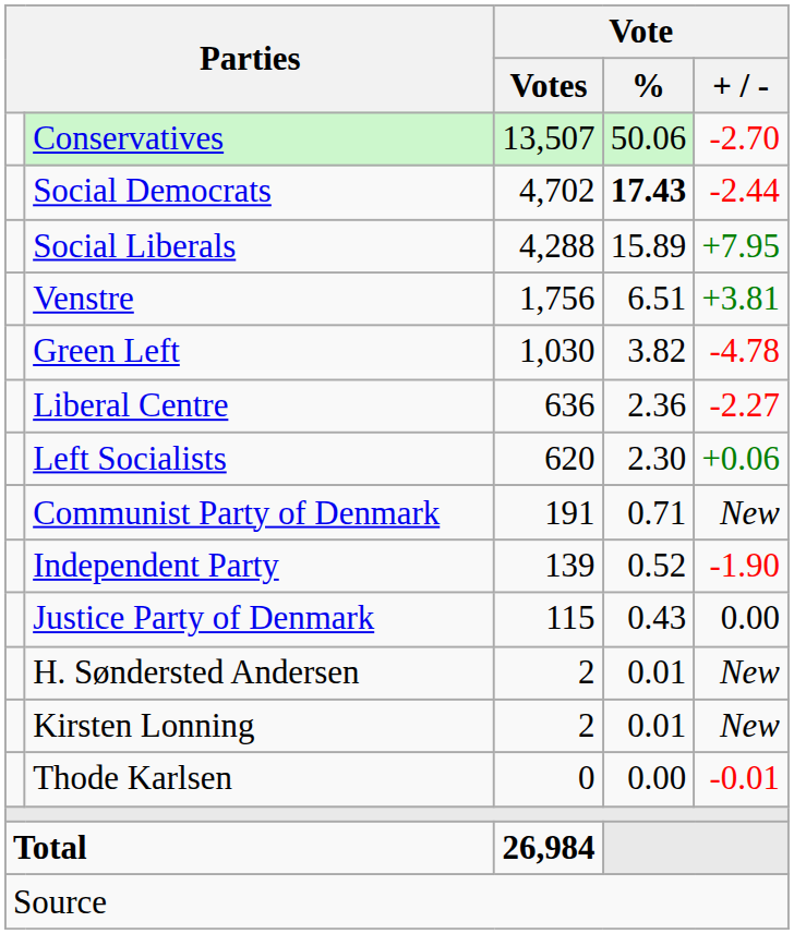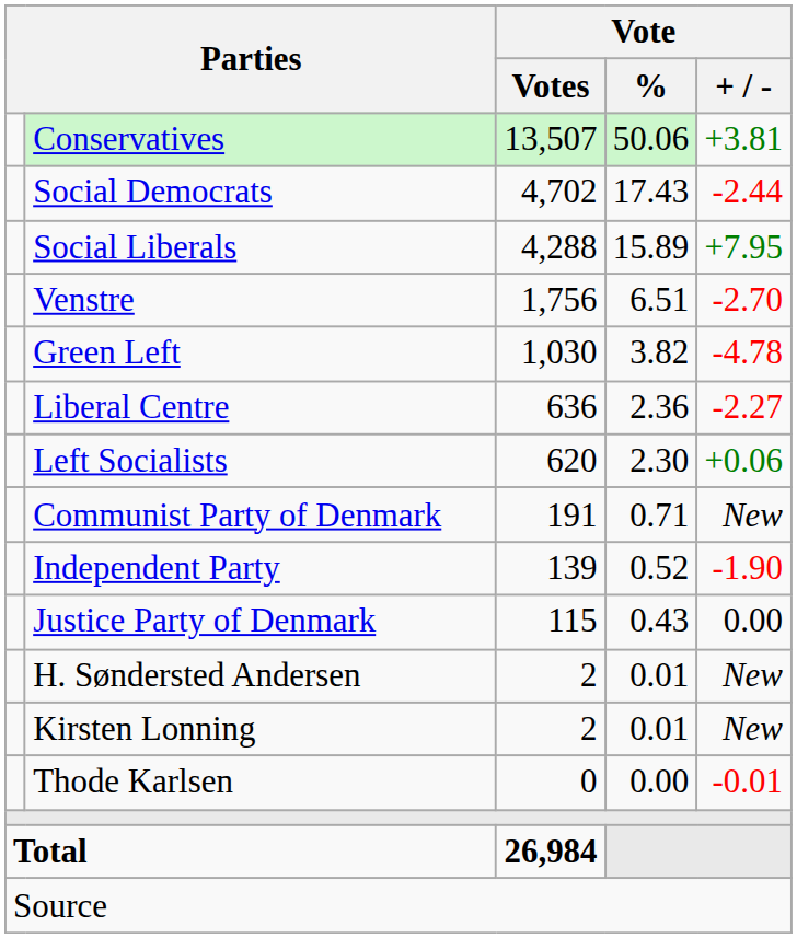 <table class="wikitable" style="text-align:right;">
 <tr>
 <th style="text-align:centre;" rowspan="2" colspan="2" width="225">Parties</th>
 <th colspan="3">Vote</th>
 </tr>
 <tr>
 <th width="15">Votes</th>
 <th width="15">%</th>
 <th width="15">+ / -</th>
 </tr>
 <tr>
 <td width="2" style="color:inherit;background:"></td>
 <td bgcolor=#ccf7cc  align="left"><a href='#'>Conservatives</a></td>
 <td bgcolor=#ccf7cc>13,507</td>
 <td bgcolor=#ccf7cc>50.06</td>
-<td style=color:red;>-2.70</td>
+<td style=color:green;>+3.81</td>
 </tr>
 <tr>
 <td width="2" style="color:inherit;background:"></td>
 <td align="left"><a href='#'>Social Democrats</a></td>
 <td>4,702</td>
-<td><strong>17.43</strong></td>
+<td>17.43</td>
 <td style=color:red;>-2.44</td>
 </tr>
 <tr>
 <td width="2" style="color:inherit;background:"></td>
 <td align="left"><a href='#'>Social Liberals</a></td>
 <td>4,288</td>
 <td>15.89</td>
 <td style=color:green;>+7.95</td>
 </tr>
 <tr>
 <td width="2" style="color:inherit;background:"></td>
 <td align="left"><a href='#'>Venstre</a></td>
 <td>1,756</td>
 <td>6.51</td>
-<td style=color:green;>+3.81</td>
+<td style=color:red;>-2.70</td>
 </tr>
 <tr>
 <td width="2" style="color:inherit;background:"></td>
 <td align="left"><a href='#'>Green Left</a></td>
 <td>1,030</td>
 <td>3.82</td>
 <td style=color:red;>-4.78</td>
 </tr>
 <tr>
 <td width="2" style="color:inherit;background:"></td>
 <td align="left"><a href='#'>Liberal Centre</a></td>
 <td>636</td>
 <td>2.36</td>
 <td style=color:red;>-2.27</td>
 </tr>
 <tr>
 <td width="2" style="color:inherit;background:"></td>
 <td align="left"><a href='#'>Left Socialists</a></td>
 <td>620</td>
 <td>2.30</td>
 <td style=color:green;>+0.06</td>
 </tr>
 <tr>
 <td width="2" style="color:inherit;background:"></td>
 <td align="left"><a href='#'>Communist Party of Denmark</a></td>
 <td>191</td>
 <td>0.71</td>
 <td><em>New</em></td>
 </tr>
 <tr>
 <td width="2" style="color:inherit;background:"></td>
 <td align="left"><a href='#'>Independent Party</a></td>
 <td>139</td>
 <td>0.52</td>
 <td style=color:red;>-1.90</td>
 </tr>
 <tr>
 <td width="2" style="color:inherit;background:"></td>
 <td align="left"><a href='#'>Justice Party of Denmark</a></td>
 <td>115</td>
 <td>0.43</td>
 <td>0.00</td>
 </tr>
 <tr>
 <td width="2" style="color:inherit;background:"></td>
 <td align="left">H. Søndersted Andersen</td>
 <td>2</td>
 <td>0.01</td>
 <td><em>New</em></td>
 </tr>
 <tr>
 <td width="2" style="color:inherit;background:"></td>
 <td align="left">Kirsten Lonning</td>
 <td>2</td>
 <td>0.01</td>
 <td><em>New</em></td>
 </tr>
 <tr>
 <td width="2" style="color:inherit;background:"></td>
 <td align="left">Thode Karlsen</td>
 <td>0</td>
 <td>0.00</td>
 <td style=color:red;>-0.01</td>
 </tr>
 <tr>
 <td colspan="7" bgcolor="#E9E9E9"></td>
 </tr>
 <tr>
 <td align="left" colspan="2"><strong>Total</strong></td>
 <td><strong>26,984</strong></td>
 <td bgcolor="#E9E9E9" colspan="2"></td>
 </tr>
 <tr>
 <td align="left" colspan="6">Source</td>
 </tr>
 </table>
